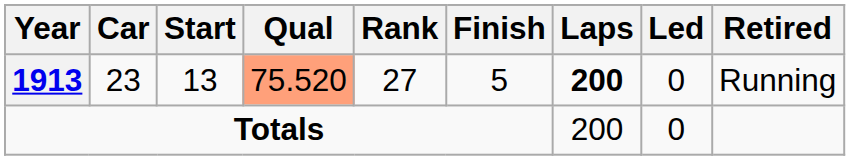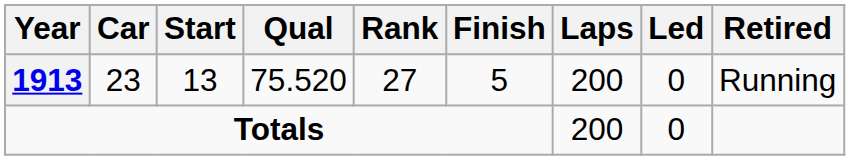 <table class="wikitable" style="text-align:center">
 <tr>
 <th>Year</th>
 <th>Car</th>
 <th>Start</th>
 <th>Qual</th>
 <th>Rank</th>
 <th>Finish</th>
 <th>Laps</th>
 <th>Led</th>
 <th>Retired</th>
 </tr>
 <tr>
 <th><a href='#'>1913</a></th>
 <td>23</td>
 <td>13</td>
-<td style="background: lightsalmon;">75.520</td>
+<td>75.520</td>
 <td>27</td>
 <td>5</td>
-<td><strong>200</strong></td>
+<td>200</td>
 <td>0</td>
 <td>Running</td>
 </tr>
 <tr>
 <td colspan=6><strong>Totals</strong></td>
 <td>200</td>
 <td>0</td>
 <td></td>
 </tr>
 </table>
